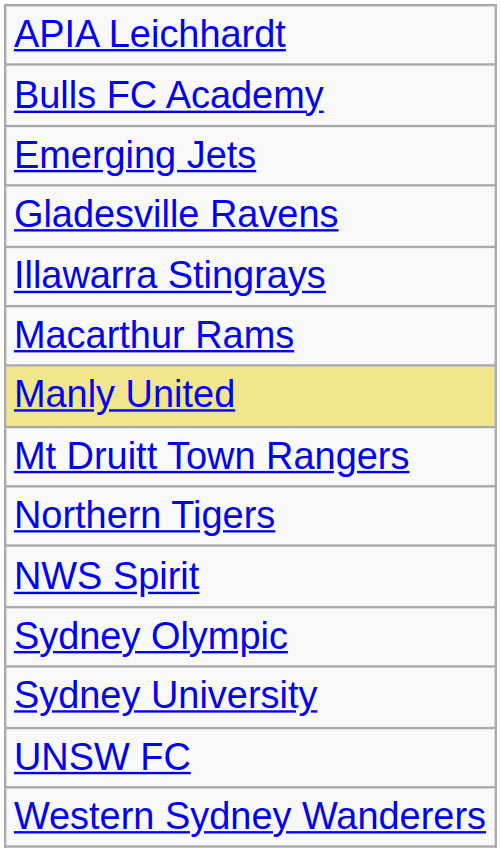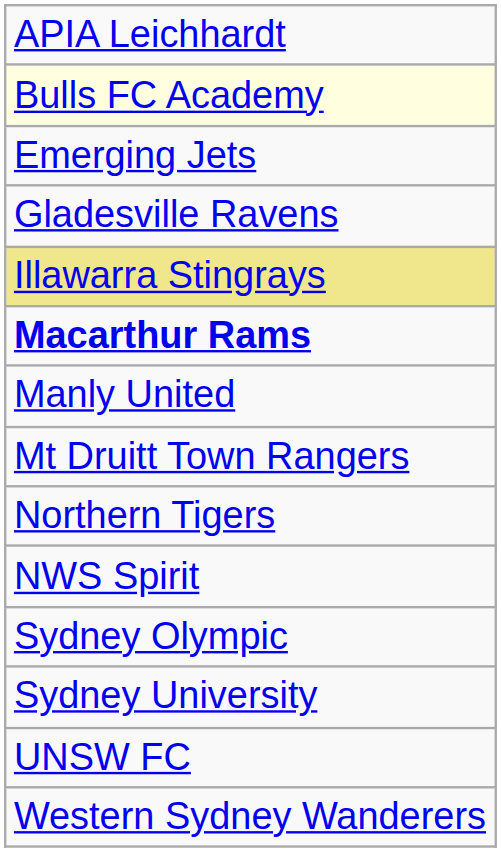 <table class="wikitable">
 <tr>
 <td><a href='#'>APIA Leichhardt</a></td>
 </tr>
 <tr>
-<td><a href='#'>Bulls FC Academy</a></td>
+<td style="background: lightyellow;"><a href='#'>Bulls FC Academy</a></td>
 </tr>
 <tr>
 <td><a href='#'>Emerging Jets</a></td>
 </tr>
 <tr>
 <td><a href='#'>Gladesville Ravens</a></td>
 </tr>
 <tr>
-<td><a href='#'>Illawarra Stingrays</a></td>
+<td style="background: khaki;"><a href='#'>Illawarra Stingrays</a></td>
 </tr>
 <tr>
-<td><a href='#'>Macarthur Rams</a></td>
+<td><strong><a href='#'>Macarthur Rams</a></strong></td>
 </tr>
 <tr>
-<td style="background: khaki;"><a href='#'>Manly United</a></td>
+<td><a href='#'>Manly United</a></td>
 </tr>
 <tr>
 <td><a href='#'>Mt Druitt Town Rangers</a></td>
 </tr>
 <tr>
 <td><a href='#'>Northern Tigers</a></td>
 </tr>
 <tr>
 <td><a href='#'>NWS Spirit</a></td>
 </tr>
 <tr>
 <td><a href='#'>Sydney Olympic</a></td>
 </tr>
 <tr>
 <td><a href='#'>Sydney University</a></td>
 </tr>
 <tr>
 <td><a href='#'>UNSW FC</a></td>
 </tr>
 <tr>
 <td><a href='#'>Western Sydney Wanderers</a></td>
 </tr>
 </table>
